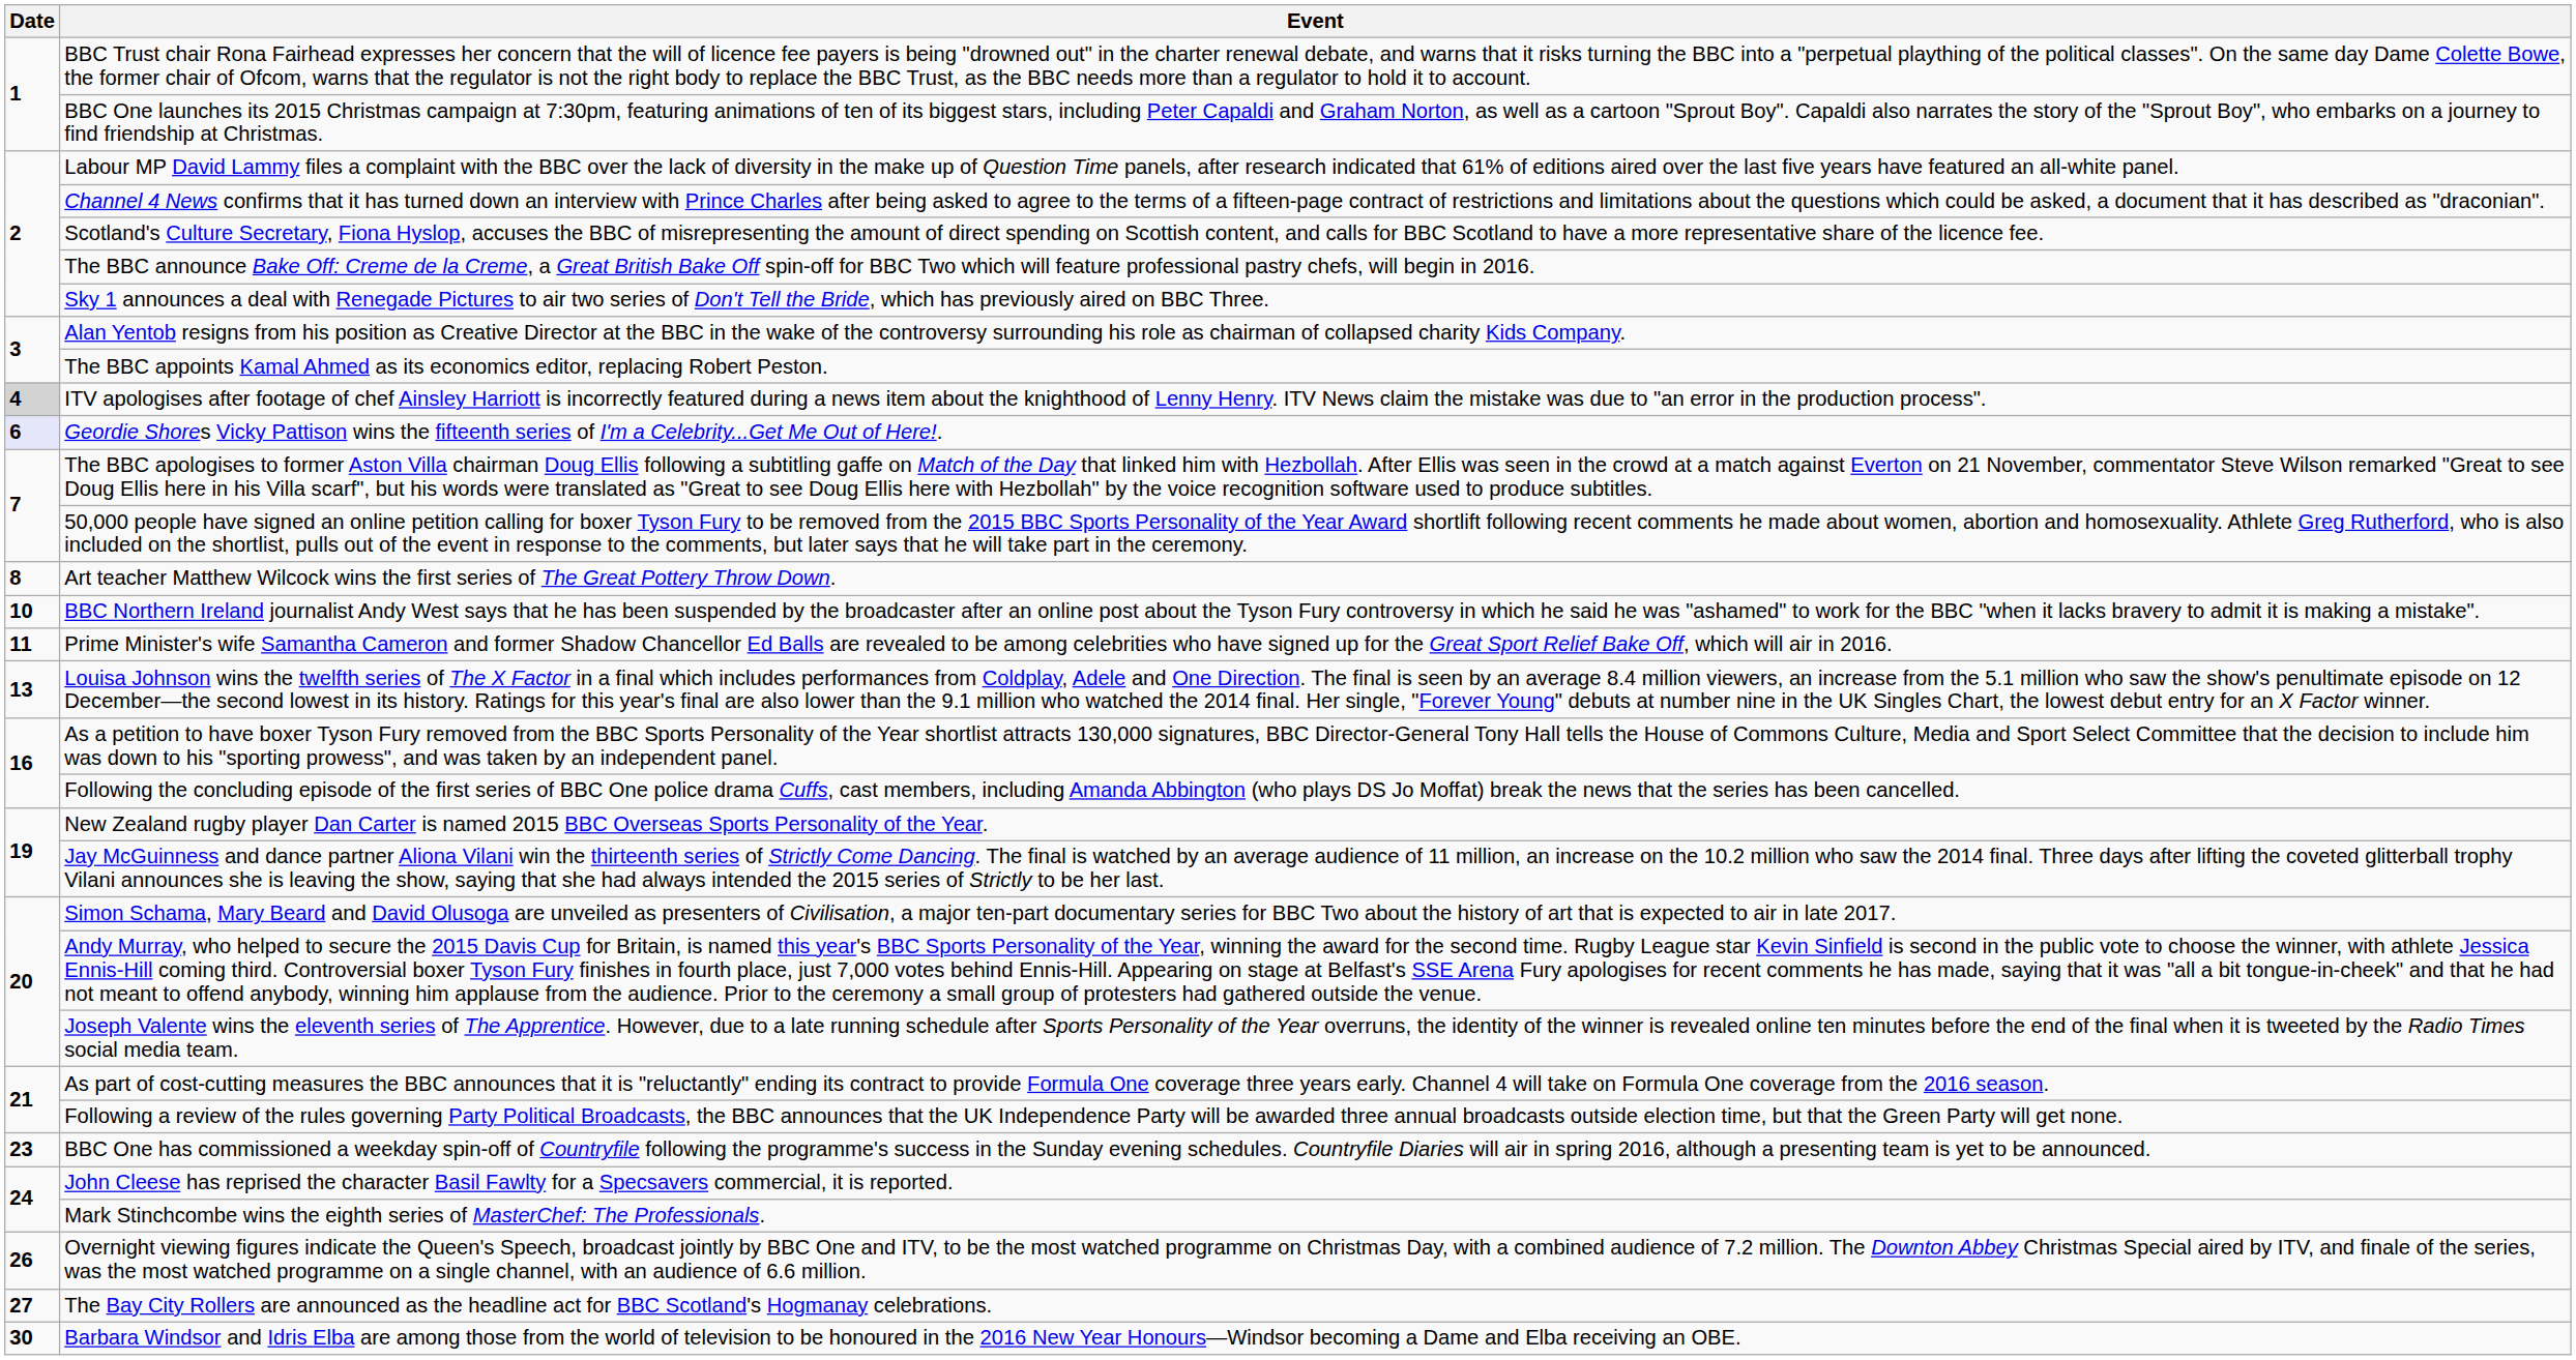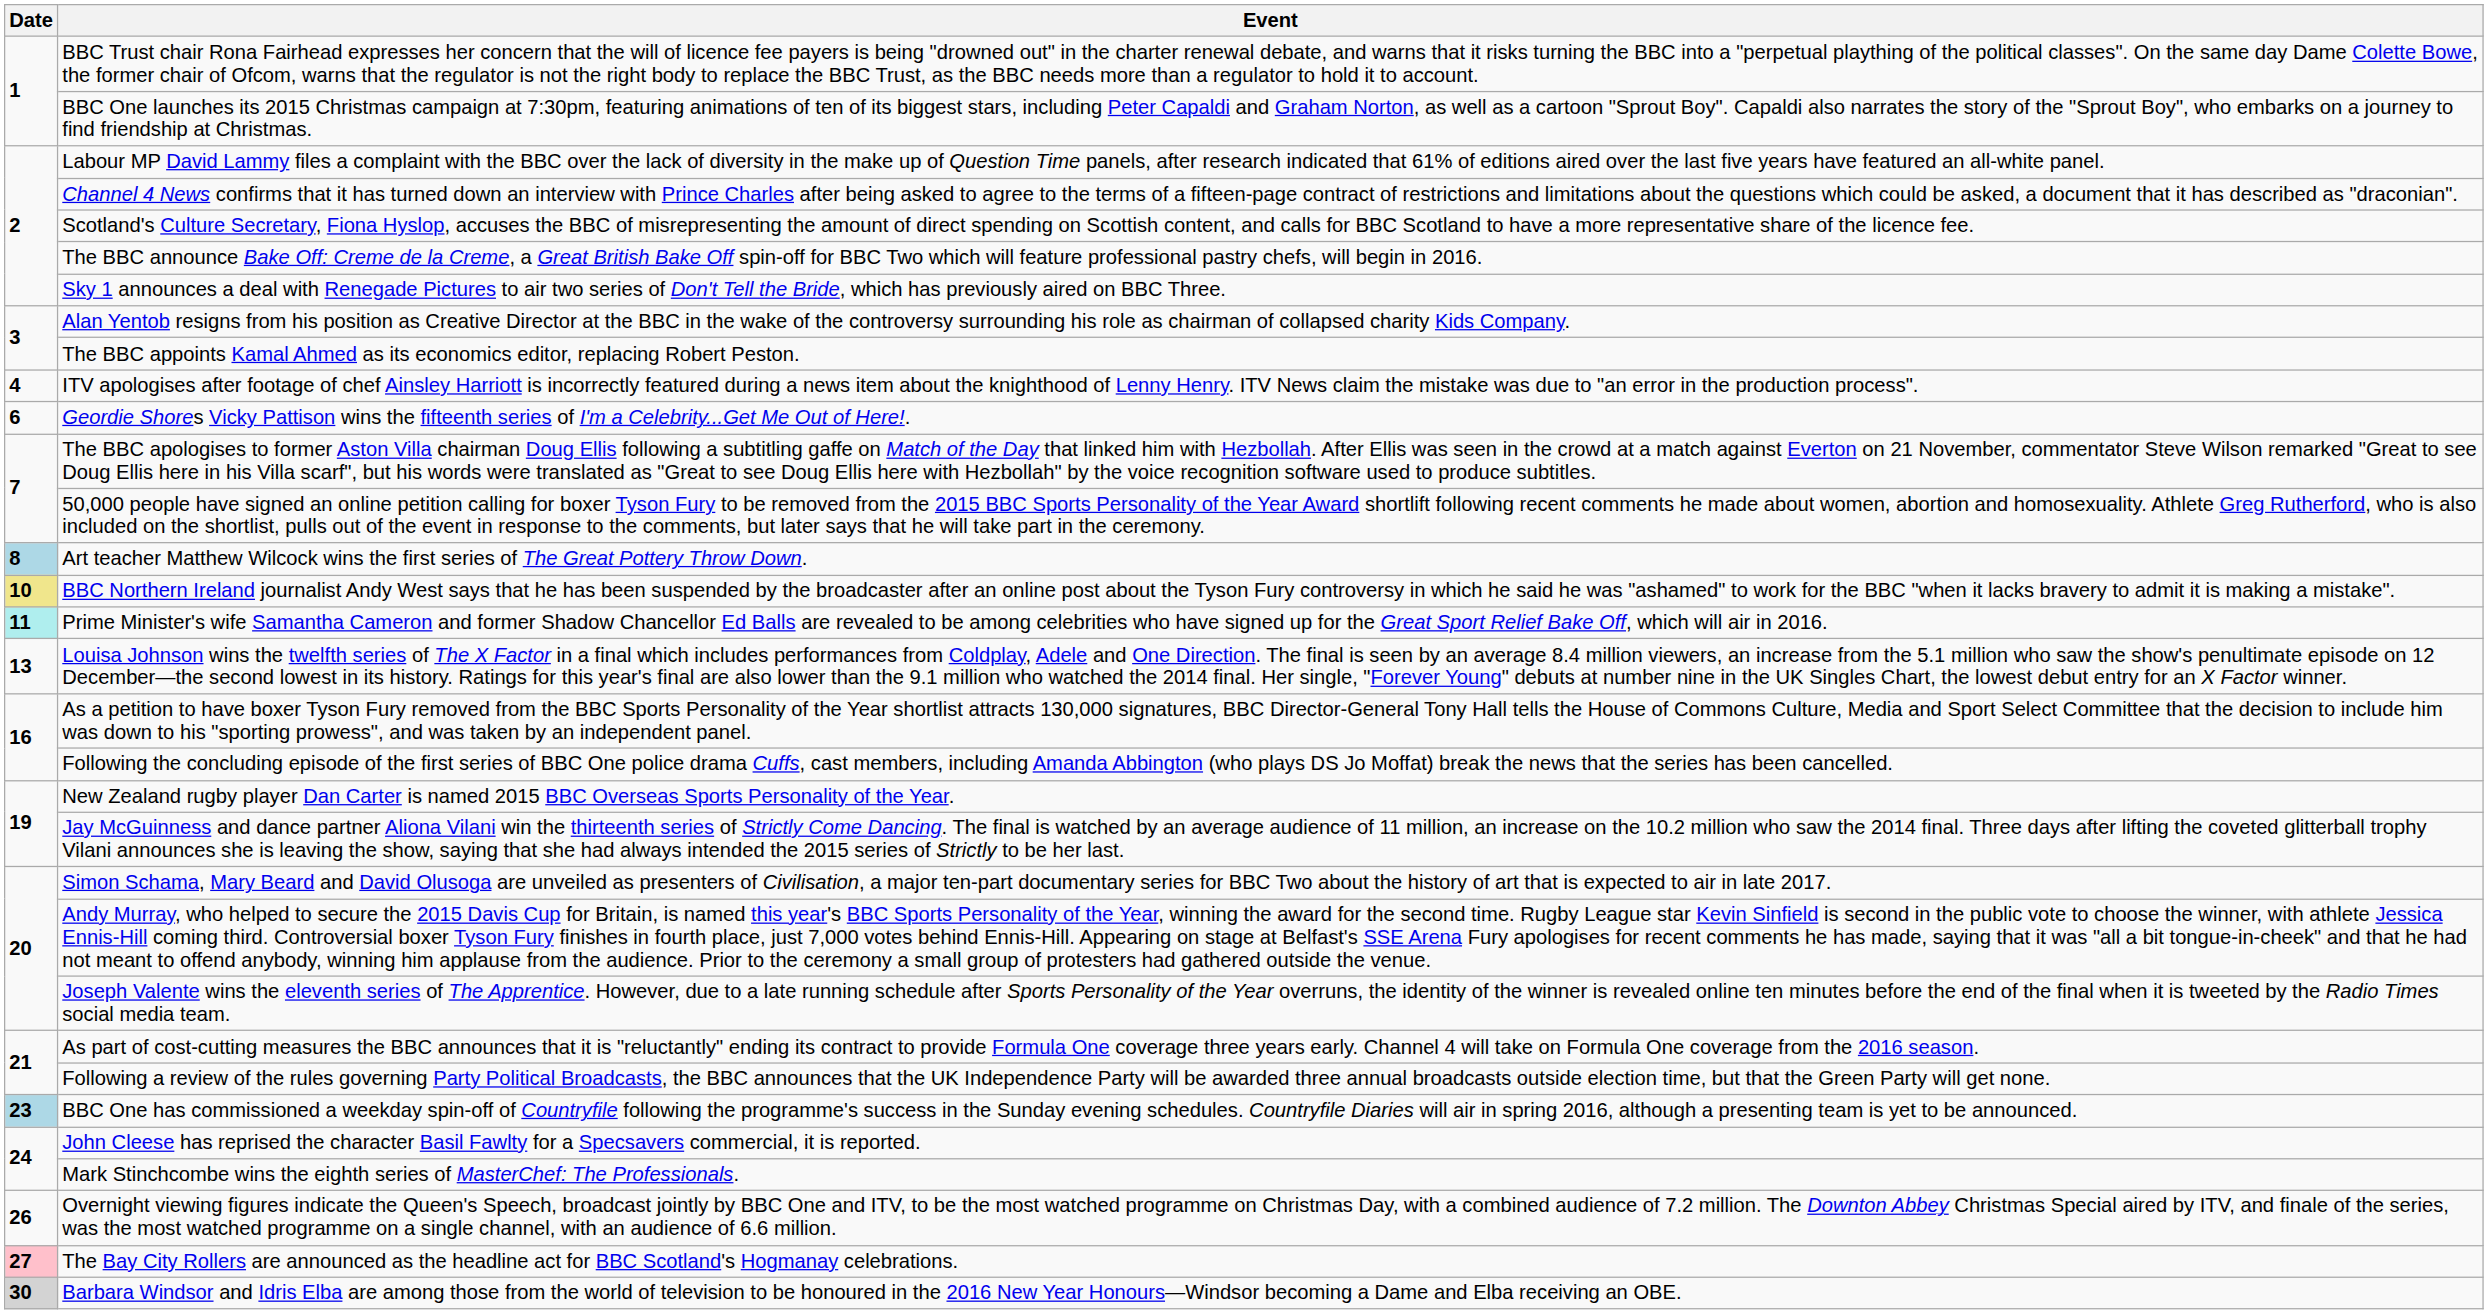 <table class="wikitable">
 <tr>
 <th>Date</th>
 <th>Event</th>
 </tr>
 <tr>
 <td rowspan=2><strong>1</strong></td>
 <td>BBC Trust chair Rona Fairhead expresses her concern that the will of licence fee payers is being "drowned out" in the charter renewal debate, and warns that it risks turning the BBC into a "perpetual plaything of the political classes". On the same day Dame <a href='#'>Colette Bowe</a>, the former chair of Ofcom, warns that the regulator is not the right body to replace the BBC Trust, as the BBC needs more than a regulator to hold it to account.</td>
 </tr>
 <tr>
 <td>BBC One launches its 2015 Christmas campaign at 7:30pm, featuring animations of ten of its biggest stars, including <a href='#'>Peter Capaldi</a> and <a href='#'>Graham Norton</a>, as well as a cartoon "Sprout Boy". Capaldi also narrates the story of the "Sprout Boy", who embarks on a journey to find friendship at Christmas.</td>
 </tr>
 <tr>
 <td rowspan=5><strong>2</strong></td>
 <td>Labour MP <a href='#'>David Lammy</a> files a complaint with the BBC over the lack of diversity in the make up of <em>Question Time</em> panels, after research indicated that 61% of editions aired over the last five years have featured an all-white panel.</td>
 </tr>
 <tr>
 <td><em><a href='#'>Channel 4 News</a></em> confirms that it has turned down an interview with <a href='#'>Prince Charles</a> after being asked to agree to the terms of a fifteen-page contract of restrictions and limitations about the questions which could be asked, a document that it has described as "draconian".</td>
 </tr>
 <tr>
 <td>Scotland's <a href='#'>Culture Secretary</a>, <a href='#'>Fiona Hyslop</a>, accuses the BBC of misrepresenting the amount of direct spending on Scottish content, and calls for BBC Scotland to have a more representative share of the licence fee.</td>
 </tr>
 <tr>
 <td>The BBC announce <em><a href='#'>Bake Off: Creme de la Creme</a></em>, a <em><a href='#'>Great British Bake Off</a></em> spin-off for BBC Two which will feature professional pastry chefs, will begin in 2016.</td>
 </tr>
 <tr>
 <td><a href='#'>Sky 1</a> announces a deal with <a href='#'>Renegade Pictures</a> to air two series of <em><a href='#'>Don't Tell the Bride</a></em>, which has previously aired on BBC Three.</td>
 </tr>
 <tr>
 <td rowspan=2><strong>3</strong></td>
 <td><a href='#'>Alan Yentob</a> resigns from his position as Creative Director at the BBC in the wake of the controversy surrounding his role as chairman of collapsed charity <a href='#'>Kids Company</a>.</td>
 </tr>
 <tr>
 <td>The BBC appoints <a href='#'>Kamal Ahmed</a> as its economics editor, replacing Robert Peston.</td>
 </tr>
 <tr>
-<td style="background: lightgrey;"><strong>4</strong></td>
+<td><strong>4</strong></td>
 <td>ITV apologises after footage of chef <a href='#'>Ainsley Harriott</a> is incorrectly featured during a news item about the knighthood of <a href='#'>Lenny Henry</a>. ITV News claim the mistake was due to "an error in the production process".</td>
 </tr>
 <tr>
-<td style="background: lavender;"><strong>6</strong></td>
+<td><strong>6</strong></td>
 <td><em><a href='#'>Geordie Shore</a></em>s <a href='#'>Vicky Pattison</a> wins the <a href='#'>fifteenth series</a> of <em><a href='#'>I'm a Celebrity...Get Me Out of Here!</a></em>.</td>
 </tr>
 <tr>
 <td rowspan=2><strong>7</strong></td>
 <td>The BBC apologises to former <a href='#'>Aston Villa</a> chairman <a href='#'>Doug Ellis</a> following a subtitling gaffe on <em><a href='#'>Match of the Day</a></em> that linked him with <a href='#'>Hezbollah</a>. After Ellis was seen in the crowd at a match against <a href='#'>Everton</a> on 21 November, commentator Steve Wilson remarked "Great to see Doug Ellis here in his Villa scarf", but his words were translated as "Great to see Doug Ellis here with Hezbollah" by the voice recognition software used to produce subtitles.</td>
 </tr>
 <tr>
 <td>50,000 people have signed an online petition calling for boxer <a href='#'>Tyson Fury</a> to be removed from the <a href='#'>2015 BBC Sports Personality of the Year Award</a> shortlift following recent comments he made about women, abortion and homosexuality. Athlete <a href='#'>Greg Rutherford</a>, who is also included on the shortlist, pulls out of the event in response to the comments, but later says that he will take part in the ceremony.</td>
 </tr>
 <tr>
-<td><strong>8</strong></td>
+<td style="background: lightblue;"><strong>8</strong></td>
 <td>Art teacher Matthew Wilcock wins the first series of <em><a href='#'>The Great Pottery Throw Down</a></em>.</td>
 </tr>
 <tr>
-<td><strong>10</strong></td>
+<td style="background: khaki;"><strong>10</strong></td>
 <td><a href='#'>BBC Northern Ireland</a> journalist Andy West says that he has been suspended by the broadcaster after an online post about the Tyson Fury controversy in which he said he was "ashamed" to work for the BBC "when it lacks bravery to admit it is making a mistake".</td>
 </tr>
 <tr>
-<td><strong>11</strong></td>
+<td style="background: paleturquoise;"><strong>11</strong></td>
 <td>Prime Minister's wife <a href='#'>Samantha Cameron</a> and former Shadow Chancellor <a href='#'>Ed Balls</a> are revealed to be among celebrities who have signed up for the <em><a href='#'>Great Sport Relief Bake Off</a></em>, which will air in 2016.</td>
 </tr>
 <tr>
 <td><strong>13</strong></td>
 <td><a href='#'>Louisa Johnson</a> wins the <a href='#'>twelfth series</a> of <em><a href='#'>The X Factor</a></em> in a final which includes performances from <a href='#'>Coldplay</a>, <a href='#'>Adele</a> and <a href='#'>One Direction</a>. The final is seen by an average 8.4 million viewers, an increase from the 5.1 million who saw the show's penultimate episode on 12 December—the second lowest in its history. Ratings for this year's final are also lower than the 9.1 million who watched the 2014 final. Her single, "<a href='#'>Forever Young</a>" debuts at number nine in the UK Singles Chart, the lowest debut entry for an <em>X Factor</em> winner.</td>
 </tr>
 <tr>
 <td rowspan=2><strong>16</strong></td>
 <td>As a petition to have boxer Tyson Fury removed from the BBC Sports Personality of the Year shortlist attracts 130,000 signatures, BBC Director-General Tony Hall tells the House of Commons Culture, Media and Sport Select Committee that the decision to include him was down to his "sporting prowess", and was taken by an independent panel.</td>
 </tr>
 <tr>
 <td>Following the concluding episode of the first series of BBC One police drama <em><a href='#'>Cuffs</a></em>, cast members, including <a href='#'>Amanda Abbington</a> (who plays DS Jo Moffat) break the news that the series has been cancelled.</td>
 </tr>
 <tr>
 <td rowspan=2><strong>19</strong></td>
 <td>New Zealand rugby player <a href='#'>Dan Carter</a> is named 2015 <a href='#'>BBC Overseas Sports Personality of the Year</a>.</td>
 </tr>
 <tr>
 <td><a href='#'>Jay McGuinness</a> and dance partner <a href='#'>Aliona Vilani</a> win the <a href='#'>thirteenth series</a> of <em><a href='#'>Strictly Come Dancing</a></em>. The final is watched by an average audience of 11 million, an increase on the 10.2 million who saw the 2014 final. Three days after lifting the coveted glitterball trophy Vilani announces she is leaving the show, saying that she had always intended the 2015 series of <em>Strictly</em> to be her last.</td>
 </tr>
 <tr>
 <td rowspan=3><strong>20</strong></td>
 <td><a href='#'>Simon Schama</a>, <a href='#'>Mary Beard</a> and <a href='#'>David Olusoga</a> are unveiled as presenters of <em>Civilisation</em>, a major ten-part documentary series for BBC Two about the history of art that is expected to air in late 2017.</td>
 </tr>
 <tr>
 <td><a href='#'>Andy Murray</a>, who helped to secure the <a href='#'>2015 Davis Cup</a> for Britain, is named <a href='#'>this year</a>'s <a href='#'>BBC Sports Personality of the Year</a>, winning the award for the second time. Rugby League star <a href='#'>Kevin Sinfield</a> is second in the public vote to choose the winner, with athlete <a href='#'>Jessica Ennis-Hill</a> coming third. Controversial boxer <a href='#'>Tyson Fury</a> finishes in fourth place, just 7,000 votes behind Ennis-Hill. Appearing on stage at Belfast's <a href='#'>SSE Arena</a> Fury apologises for recent comments he has made, saying that it was "all a bit tongue-in-cheek" and that he had not meant to offend anybody, winning him applause from the audience. Prior to the ceremony a small group of protesters had gathered outside the venue.</td>
 </tr>
 <tr>
 <td><a href='#'>Joseph Valente</a> wins the <a href='#'>eleventh series</a> of <em><a href='#'>The Apprentice</a></em>. However, due to a late running schedule after <em>Sports Personality of the Year</em> overruns, the identity of the winner is revealed online ten minutes before the end of the final when it is tweeted by the <em>Radio Times</em> social media team.</td>
 </tr>
 <tr>
 <td rowspan=2><strong>21</strong></td>
 <td>As part of cost-cutting measures the BBC announces that it is "reluctantly" ending its contract to provide <a href='#'>Formula One</a> coverage three years early. Channel 4 will take on Formula One coverage from the <a href='#'>2016 season</a>.</td>
 </tr>
 <tr>
 <td>Following a review of the rules governing <a href='#'>Party Political Broadcasts</a>, the BBC announces that the UK Independence Party will be awarded three annual broadcasts outside election time, but that the Green Party will get none.</td>
 </tr>
 <tr>
-<td><strong>23</strong></td>
+<td style="background: lightblue;"><strong>23</strong></td>
 <td>BBC One has commissioned a weekday spin-off of <em><a href='#'>Countryfile</a></em> following the programme's success in the Sunday evening schedules. <em>Countryfile Diaries</em> will air in spring 2016, although a presenting team is yet to be announced.</td>
 </tr>
 <tr>
 <td rowspan=2><strong>24</strong></td>
 <td><a href='#'>John Cleese</a> has reprised the character <a href='#'>Basil Fawlty</a> for a <a href='#'>Specsavers</a> commercial, it is reported.</td>
 </tr>
 <tr>
 <td>Mark Stinchcombe wins the eighth series of <em><a href='#'>MasterChef: The Professionals</a></em>.</td>
 </tr>
 <tr>
 <td><strong>26</strong></td>
 <td>Overnight viewing figures indicate the Queen's Speech, broadcast jointly by BBC One and ITV, to be the most watched programme on Christmas Day, with a combined audience of 7.2 million. The <em><a href='#'>Downton Abbey</a></em> Christmas Special aired by ITV, and finale of the series, was the most watched programme on a single channel, with an audience of 6.6 million.</td>
 </tr>
 <tr>
-<td><strong>27</strong></td>
+<td style="background: pink;"><strong>27</strong></td>
 <td>The <a href='#'>Bay City Rollers</a> are announced as the headline act for <a href='#'>BBC Scotland</a>'s <a href='#'>Hogmanay</a> celebrations.</td>
 </tr>
 <tr>
-<td><strong>30</strong></td>
+<td style="background: lightgrey;"><strong>30</strong></td>
 <td><a href='#'>Barbara Windsor</a> and <a href='#'>Idris Elba</a> are among those from the world of television to be honoured in the <a href='#'>2016 New Year Honours</a>—Windsor becoming a Dame and Elba receiving an OBE.</td>
 </tr>
 </table>
